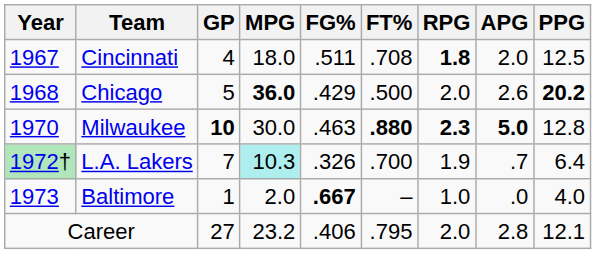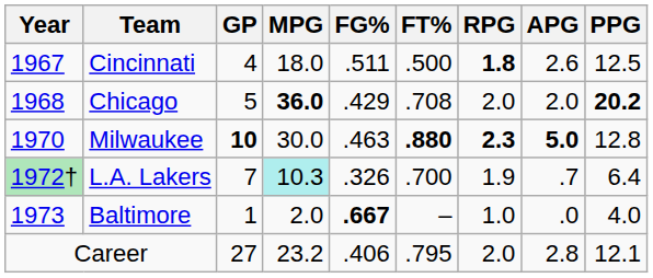 <table class="wikitable sortable" style="font-size:95%; text-align:right;">
 <tr>
 <th>Year</th>
 <th>Team</th>
 <th>GP</th>
 <th>MPG</th>
 <th>FG%</th>
 <th>FT%</th>
 <th>RPG</th>
 <th>APG</th>
 <th>PPG</th>
 </tr>
 <tr>
 <td style="text-align:left;"><a href='#'>1967</a></td>
 <td style="text-align:left;"><a href='#'>Cincinnati</a></td>
 <td>4</td>
 <td>18.0</td>
 <td>.511</td>
-<td>.708</td>
+<td>.500</td>
 <td><strong>1.8</strong></td>
-<td>2.0</td>
+<td>2.6</td>
 <td>12.5</td>
 </tr>
 <tr>
 <td style="text-align:left;"><a href='#'>1968</a></td>
 <td style="text-align:left;"><a href='#'>Chicago</a></td>
 <td>5</td>
 <td><strong>36.0</strong></td>
 <td>.429</td>
-<td>.500</td>
+<td>.708</td>
 <td>2.0</td>
-<td>2.6</td>
+<td>2.0</td>
 <td><strong>20.2</strong></td>
 </tr>
 <tr>
 <td style="text-align:left;"><a href='#'>1970</a></td>
 <td style="text-align:left;"><a href='#'>Milwaukee</a></td>
 <td><strong>10</strong></td>
 <td>30.0</td>
 <td>.463</td>
 <td><strong>.880</strong></td>
 <td><strong>2.3</strong></td>
 <td><strong>5.0</strong></td>
 <td>12.8</td>
 </tr>
 <tr>
 <td style="text-align:left;background:#afe6ba;"><a href='#'>1972</a>†</td>
 <td style="text-align:left;"><a href='#'>L.A. Lakers</a></td>
 <td>7</td>
 <td style="background: paleturquoise;">10.3</td>
 <td>.326</td>
 <td>.700</td>
 <td>1.9</td>
 <td>.7</td>
 <td>6.4</td>
 </tr>
 <tr>
 <td style="text-align:left;"><a href='#'>1973</a></td>
 <td style="text-align:left;"><a href='#'>Baltimore</a></td>
 <td>1</td>
 <td>2.0</td>
 <td><strong>.667</strong></td>
 <td>–</td>
 <td>1.0</td>
 <td>.0</td>
 <td>4.0</td>
 </tr>
 <tr class="sortbottom">
 <td colspan="2" style="text-align:center;">Career</td>
 <td>27</td>
 <td>23.2</td>
 <td>.406</td>
 <td>.795</td>
 <td>2.0</td>
 <td>2.8</td>
 <td>12.1</td>
 </tr>
 </table>
